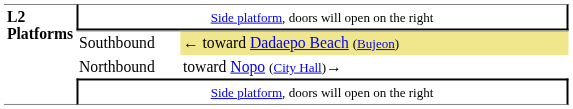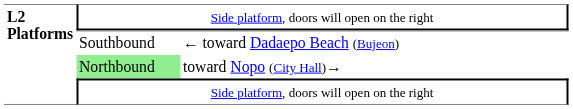 <table table border=0 cellspacing=0 cellpadding=3>
 <tr>
 <td style="border-top:solid 1px gray;border-bottom:solid 1px gray;" width=50 rowspan=10 valign=top><strong>L2<br>Platforms</strong></td>
 <td style="border-top:solid 1px gray;border-right:solid 2px black;border-left:solid 2px black;border-bottom:solid 2px black;text-align:center;" colspan=2><small><a href='#'>Side platform</a>, doors will open on the right</small></td>
 </tr>
 <tr>
 <td style="border-bottom:solid 0px gray;border-top:solid 1px gray;" width=100>Southbound</td>
-<td style="background: khaki; border-bottom:solid 0px gray;border-top:solid 1px gray;" width=390>←  toward <a href='#'>Dadaepo Beach</a> <small>(<a href='#'>Bujeon</a>)</small></td>
+<td style="border-bottom:solid 0px gray;border-top:solid 1px gray;" width=390>←  toward <a href='#'>Dadaepo Beach</a> <small>(<a href='#'>Bujeon</a>)</small></td>
 </tr>
 <tr>
-<td>Northbound</td>
+<td style="background: lightgreen;">Northbound</td>
 <td>  toward <a href='#'>Nopo</a> <small>(<a href='#'>City Hall</a>)</small>→</td>
 </tr>
 <tr>
 <td style="border-top:solid 2px black;border-right:solid 2px black;border-left:solid 2px black;border-bottom:solid 1px gray;text-align:center;" colspan=2><small><a href='#'>Side platform</a>, doors will open on the right</small></td>
 </tr>
 </table>
